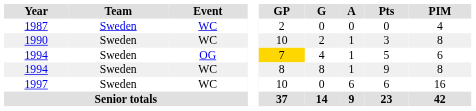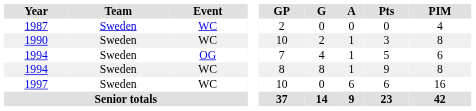 <table border="0" cellpadding="1" cellspacing="0" style="text-align:center; width:40em">
 <tr ALIGN="center" bgcolor="#e0e0e0">
 <th>Year</th>
 <th>Team</th>
 <th>Event</th>
 <th rowspan="99" bgcolor="#ffffff"> </th>
 <th>GP</th>
 <th>G</th>
 <th>A</th>
 <th>Pts</th>
 <th>PIM</th>
 </tr>
 <tr>
 <td><a href='#'>1987</a></td>
 <td><a href='#'>Sweden</a></td>
 <td><a href='#'>WC</a></td>
 <td>2</td>
 <td>0</td>
 <td>0</td>
 <td>0</td>
 <td>4</td>
 </tr>
 <tr bgcolor="#f0f0f0">
 <td><a href='#'>1990</a></td>
 <td>Sweden</td>
 <td>WC</td>
 <td>10</td>
 <td>2</td>
 <td>1</td>
 <td>3</td>
 <td>8</td>
 </tr>
 <tr>
 <td><a href='#'>1994</a></td>
 <td>Sweden</td>
 <td><a href='#'>OG</a></td>
-<td style="background: gold;">7</td>
+<td>7</td>
 <td>4</td>
 <td>1</td>
 <td>5</td>
 <td>6</td>
 </tr>
 <tr bgcolor="#f0f0f0">
 <td><a href='#'>1994</a></td>
 <td>Sweden</td>
 <td>WC</td>
 <td>8</td>
 <td>8</td>
 <td>1</td>
 <td>9</td>
 <td>8</td>
 </tr>
 <tr>
 <td><a href='#'>1997</a></td>
 <td>Sweden</td>
 <td>WC</td>
 <td>10</td>
 <td>0</td>
 <td>6</td>
 <td>6</td>
 <td>16</td>
 </tr>
 <tr bgcolor="#e0e0e0">
 <th colspan=3>Senior totals</th>
 <th>37</th>
 <th>14</th>
 <th>9</th>
 <th>23</th>
 <th>42</th>
 </tr>
 </table>
